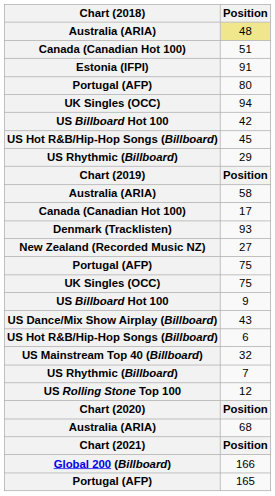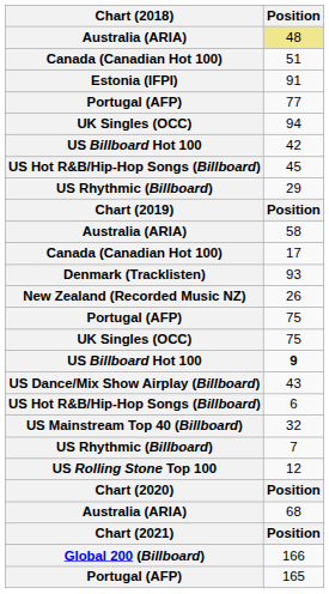 <table class="wikitable sortable plainrowheaders" style="text-align:center">
 <tr>
 <th scope="col">Chart (2018)</th>
 <th scope="col">Position</th>
 </tr>
 <tr>
 <th scope="row">Australia (ARIA)</th>
 <td style="background: khaki;">48</td>
 </tr>
 <tr>
 <th scope="row">Canada (Canadian Hot 100)</th>
 <td>51</td>
 </tr>
 <tr>
 <th scope="row">Estonia (IFPI)</th>
 <td>91</td>
 </tr>
 <tr>
 <th scope="row">Portugal (AFP)</th>
-<td>80</td>
+<td>77</td>
 </tr>
 <tr>
 <th scope="row">UK Singles (OCC)</th>
 <td>94</td>
 </tr>
 <tr>
 <th scope="row">US <em>Billboard</em> Hot 100</th>
 <td>42</td>
 </tr>
 <tr>
 <th scope="row">US Hot R&B/Hip-Hop Songs (<em>Billboard</em>)</th>
 <td>45</td>
 </tr>
 <tr>
 <th scope="row">US Rhythmic (<em>Billboard</em>)</th>
 <td>29</td>
 </tr>
 <tr>
 <th scope="col">Chart (2019)</th>
 <th scope="col">Position</th>
 </tr>
 <tr>
 <th scope="row">Australia (ARIA)</th>
 <td>58</td>
 </tr>
 <tr>
 <th scope="row">Canada (Canadian Hot 100)</th>
 <td>17</td>
 </tr>
 <tr>
 <th scope="row">Denmark (Tracklisten)</th>
 <td>93</td>
 </tr>
 <tr>
 <th scope="row">New Zealand (Recorded Music NZ)</th>
-<td>27</td>
+<td>26</td>
 </tr>
 <tr>
 <th scope="row">Portugal (AFP)</th>
 <td>75</td>
 </tr>
 <tr>
 <th scope="row">UK Singles (OCC)</th>
 <td>75</td>
 </tr>
 <tr>
 <th scope="row">US <em>Billboard</em> Hot 100</th>
-<td>9</td>
+<td><strong>9</strong></td>
 </tr>
 <tr>
 <th scope="row">US Dance/Mix Show Airplay (<em>Billboard</em>)</th>
 <td>43</td>
 </tr>
 <tr>
 <th scope="row">US Hot R&B/Hip-Hop Songs (<em>Billboard</em>)</th>
 <td>6</td>
 </tr>
 <tr>
 <th scope="row">US Mainstream Top 40 (<em>Billboard</em>)</th>
 <td>32</td>
 </tr>
 <tr>
 <th scope="row">US Rhythmic (<em>Billboard</em>)</th>
 <td>7</td>
 </tr>
 <tr>
 <th scope="row">US <em>Rolling Stone</em> Top 100</th>
 <td>12</td>
 </tr>
 <tr>
 <th scope="col">Chart (2020)</th>
 <th scope="col">Position</th>
 </tr>
 <tr>
 <th scope="row">Australia (ARIA)</th>
 <td>68</td>
 </tr>
 <tr>
 <th scope="col">Chart (2021)</th>
 <th scope="col">Position</th>
 </tr>
 <tr>
 <th scope="row"><a href='#'>Global 200</a> (<em>Billboard</em>)</th>
 <td>166</td>
 </tr>
 <tr>
 <th scope="row">Portugal (AFP)</th>
 <td>165</td>
 </tr>
 </table>
